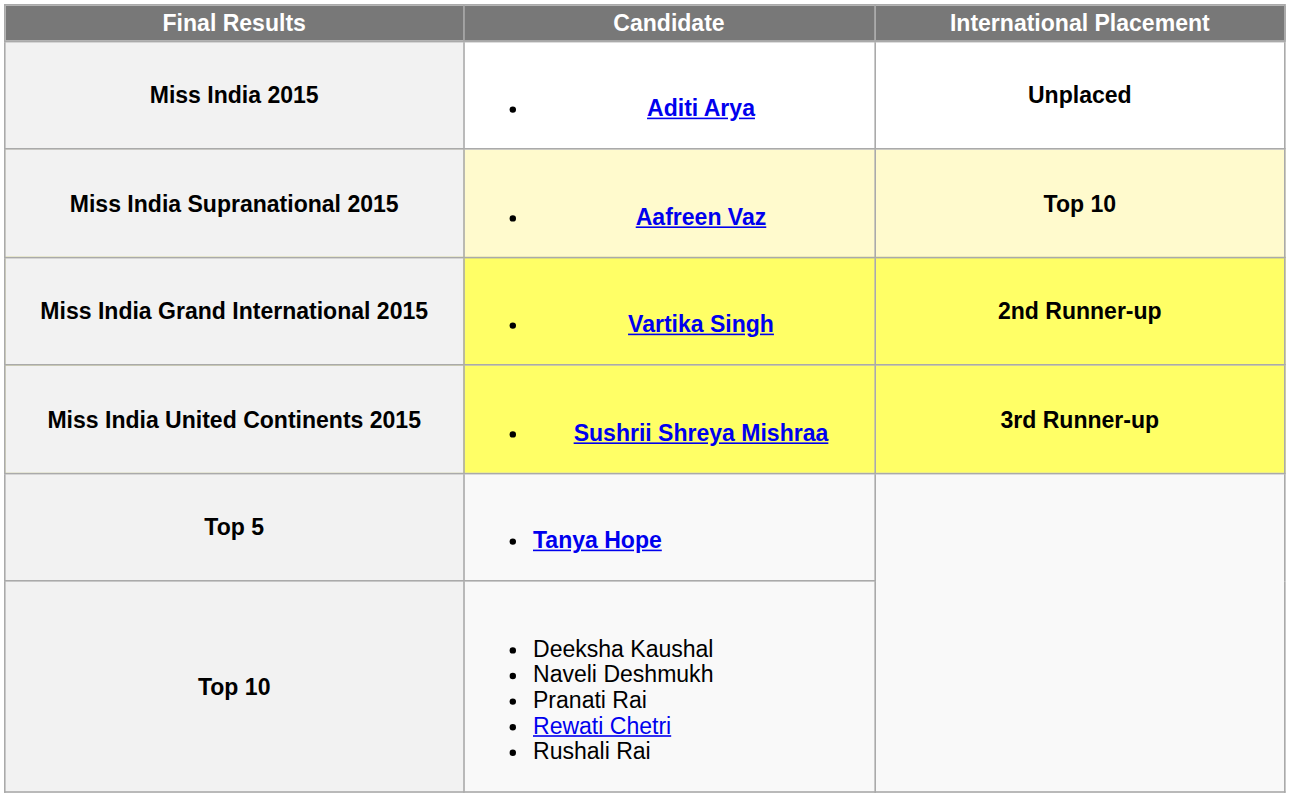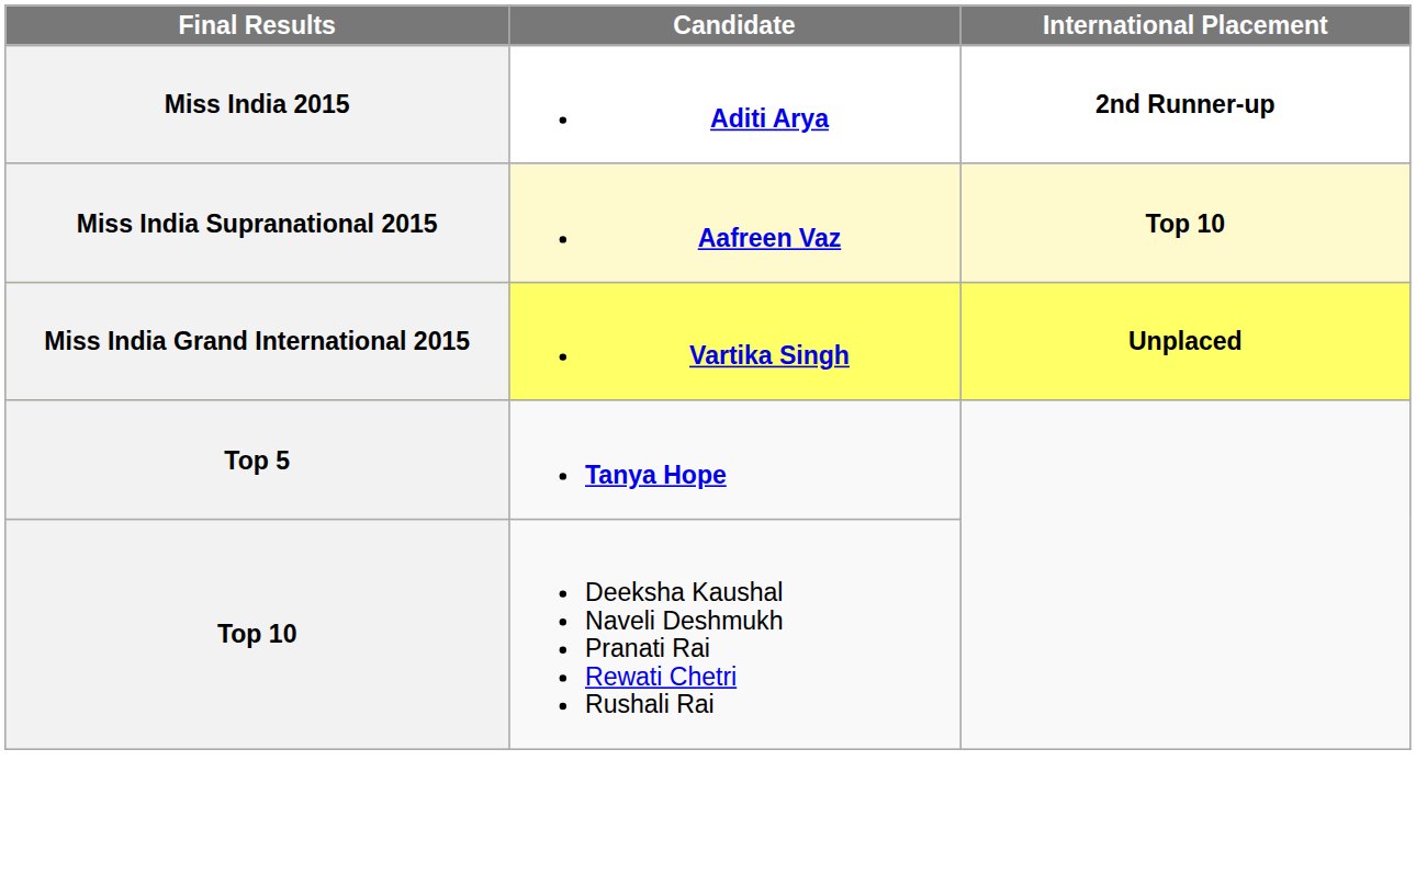 <table class="wikitable sortable" style="font-size:90%;">
 <tr>
 <th style="width:280px;background-color:#787878;color:#FFFFFF;">Final Results</th>
 <th style="width:250px;background-color:#787878;color:#FFFFFF;">Candidate</th>
 <th style="width:250px;background-color:#787878;color:#FFFFFF;">International Placement</th>
 </tr>
 <tr align="center" style="background:white; font-weight: bold">
 <th>Miss India 2015</th>
 <td><br><ul><li><a href='#'>Aditi Arya</a></li></ul></td>
-<td>Unplaced</td>
+<td>2nd Runner-up</td>
 </tr>
 <tr align="center" style="background:#FFFACD; font-weight: bold">
 <th>Miss India Supranational 2015</th>
 <td><br><ul><li><a href='#'>Aafreen Vaz</a></li></ul></td>
 <td>Top 10</td>
 </tr>
 <tr align="center" style="background:#FFFF66; font-weight: bold">
 <th>Miss India Grand International 2015</th>
 <td><br><ul><li><a href='#'>Vartika Singh</a></li></ul></td>
-<td>2nd Runner-up</td>
-</tr>
-<tr align="center" style="background:#FFFF66; font-weight: bold">
-<th>Miss India United Continents 2015</th>
-<td><br><ul><li><a href='#'>Sushrii Shreya Mishraa</a></li></ul></td>
-<td>3rd Runner-up</td>
+<td>Unplaced</td>
 </tr>
 <tr>
 <th>Top 5</th>
 <td><strong><br><ul><li><a href='#'>Tanya Hope</a></li></ul></strong></td>
 </tr>
 <tr>
 <th>Top 10</th>
 <td><br><ul><li>Deeksha Kaushal</li><li>Naveli Deshmukh</li><li>Pranati Rai</li><li><a href='#'>Rewati Chetri</a></li><li>Rushali Rai</li></ul></td>
 </tr>
 </table>
